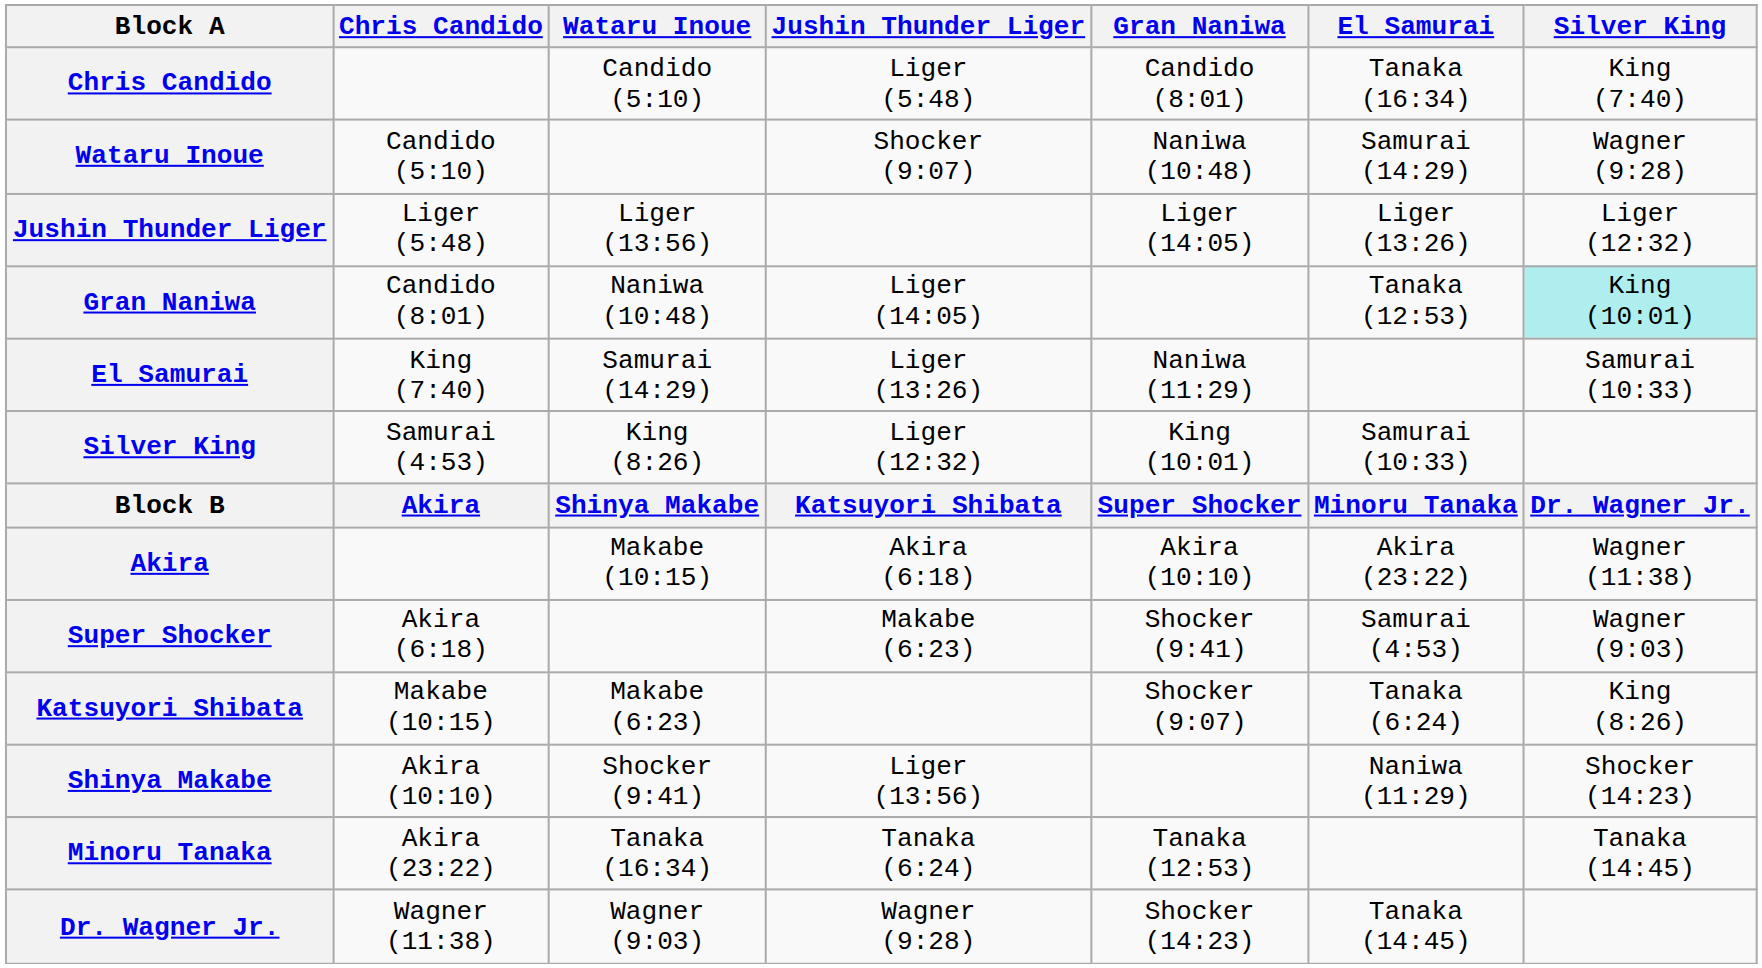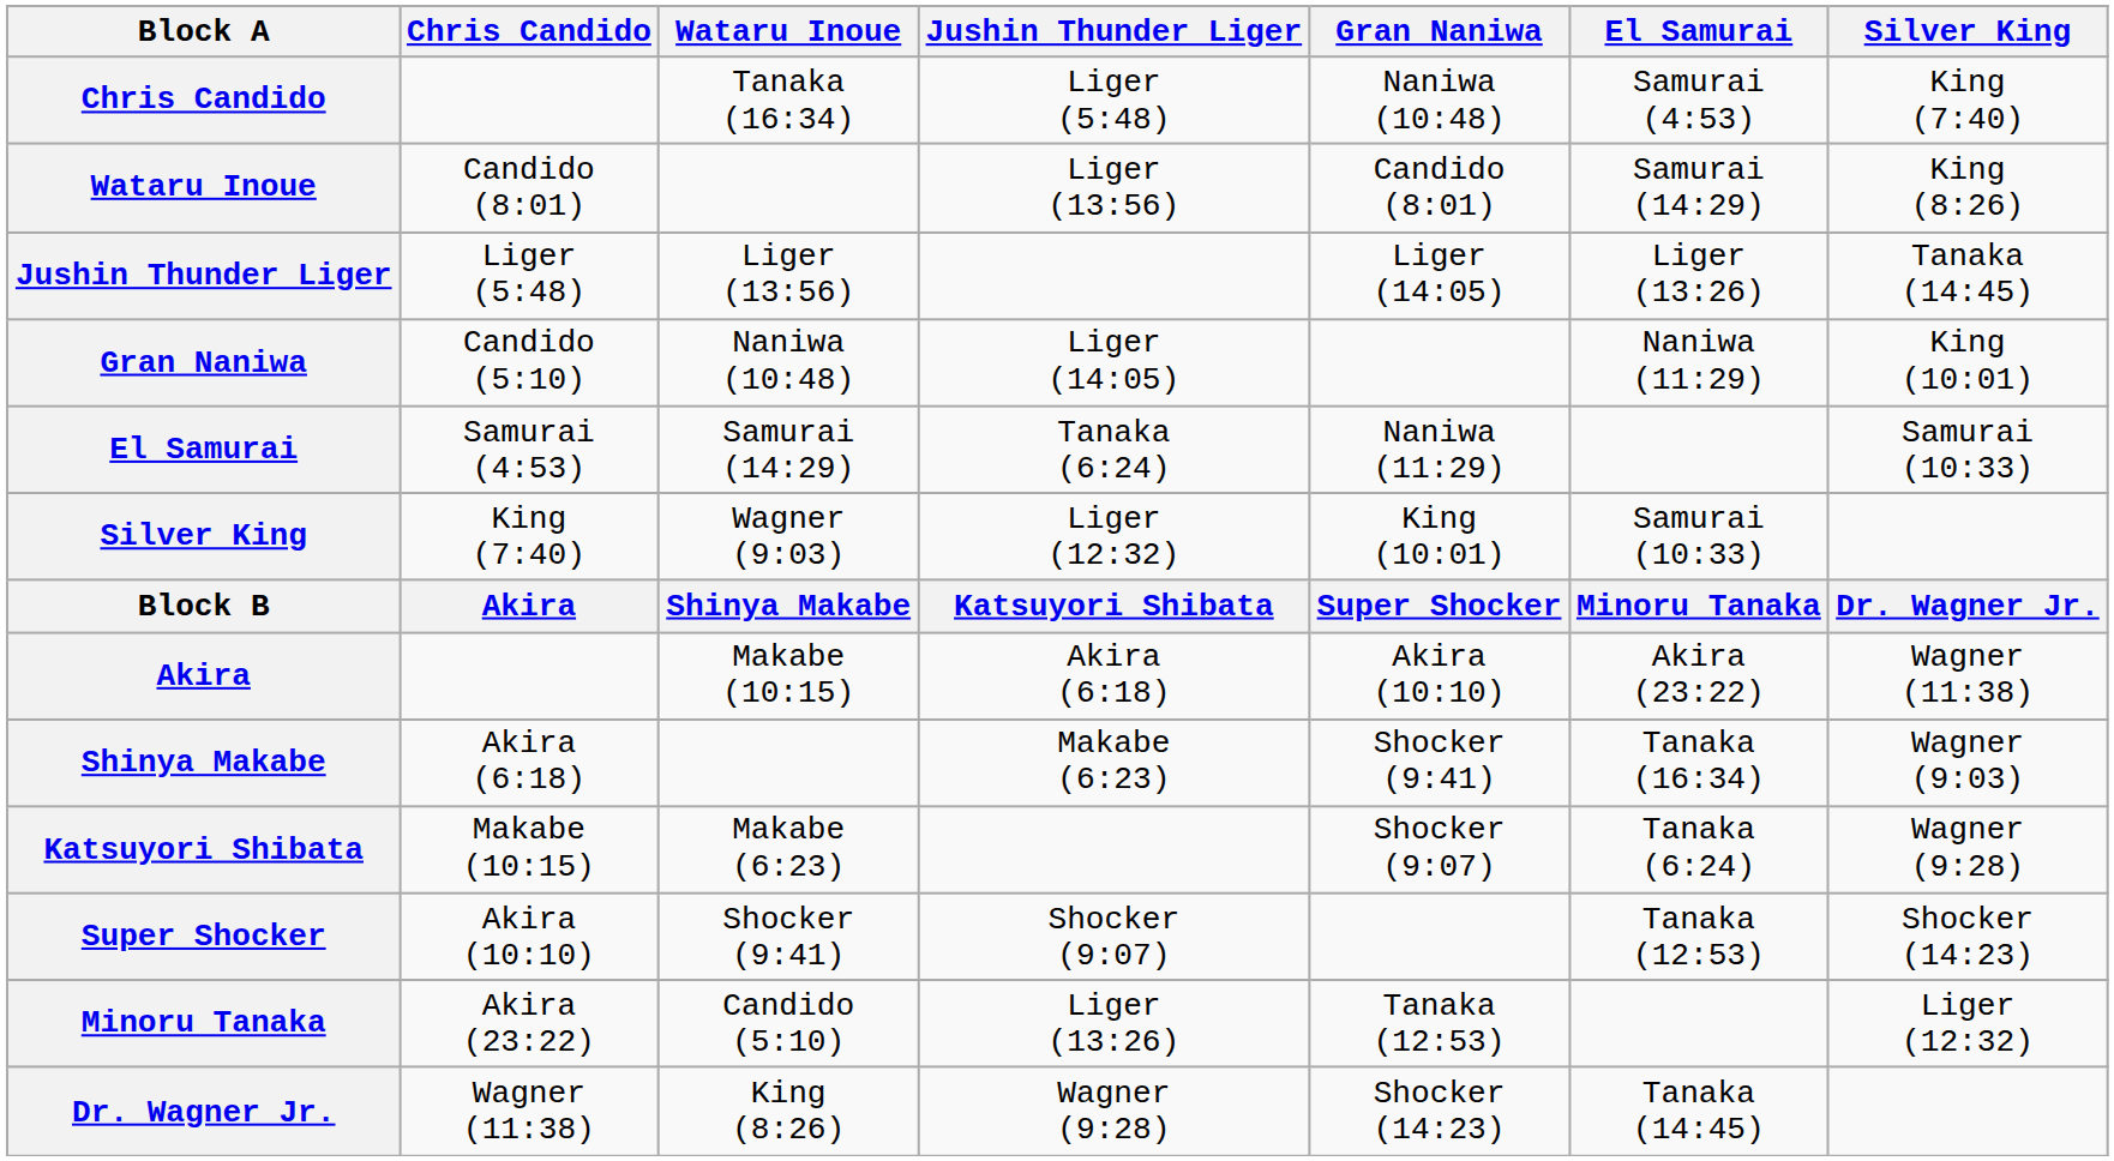 <table class="wikitable" style="margin: 1em auto 1em auto">
 <tr align="center">
 <th>Block A</th>
 <th><a href='#'>Chris Candido</a></th>
 <th><a href='#'>Wataru Inoue</a></th>
 <th><a href='#'>Jushin Thunder Liger</a></th>
 <th><a href='#'>Gran Naniwa</a></th>
 <th><a href='#'>El Samurai</a></th>
 <th><a href='#'>Silver King</a></th>
 </tr>
 <tr align="center">
 <th><a href='#'>Chris Candido</a></th>
 <td></td>
-<td>Candido<br>(5:10)</td>
+<td>Tanaka<br>(16:34)</td>
 <td>Liger<br>(5:48)</td>
-<td>Candido<br>(8:01)</td>
-<td>Tanaka<br>(16:34)</td>
+<td>Naniwa<br>(10:48)</td>
+<td>Samurai<br>(4:53)</td>
 <td>King<br>(7:40)</td>
 </tr>
 <tr align="center">
 <th><a href='#'>Wataru Inoue</a></th>
-<td>Candido<br>(5:10)</td>
+<td>Candido<br>(8:01)</td>
 <td></td>
-<td>Shocker<br>(9:07)</td>
-<td>Naniwa<br>(10:48)</td>
+<td>Liger<br>(13:56)</td>
+<td>Candido<br>(8:01)</td>
 <td>Samurai<br>(14:29)</td>
-<td>Wagner<br>(9:28)</td>
+<td>King<br>(8:26)</td>
 </tr>
 <tr align="center">
 <th><a href='#'>Jushin Thunder Liger</a></th>
 <td>Liger<br>(5:48)</td>
 <td>Liger<br>(13:56)</td>
 <td></td>
 <td>Liger<br>(14:05)</td>
 <td>Liger<br>(13:26)</td>
-<td>Liger<br>(12:32)</td>
+<td>Tanaka<br>(14:45)</td>
 </tr>
 <tr align="center">
 <th><a href='#'>Gran Naniwa</a></th>
-<td>Candido<br>(8:01)</td>
+<td>Candido<br>(5:10)</td>
 <td>Naniwa<br>(10:48)</td>
 <td>Liger<br>(14:05)</td>
 <td></td>
-<td>Tanaka<br>(12:53)</td>
-<td style="background: paleturquoise;">King<br>(10:01)</td>
+<td>Naniwa<br>(11:29)</td>
+<td>King<br>(10:01)</td>
 </tr>
 <tr align="center">
 <th><a href='#'>El Samurai</a></th>
-<td>King<br>(7:40)</td>
+<td>Samurai<br>(4:53)</td>
 <td>Samurai<br>(14:29)</td>
-<td>Liger<br>(13:26)</td>
+<td>Tanaka<br>(6:24)</td>
 <td>Naniwa<br>(11:29)</td>
 <td></td>
 <td>Samurai<br>(10:33)</td>
 </tr>
 <tr align="center">
 <th><a href='#'>Silver King</a></th>
-<td>Samurai<br>(4:53)</td>
-<td>King<br>(8:26)</td>
+<td>King<br>(7:40)</td>
+<td>Wagner<br>(9:03)</td>
 <td>Liger<br>(12:32)</td>
 <td>King<br>(10:01)</td>
 <td>Samurai<br>(10:33)</td>
 <td></td>
 </tr>
 <tr align="center">
 <th>Block B</th>
 <th><a href='#'>Akira</a></th>
 <th><a href='#'>Shinya Makabe</a></th>
 <th><a href='#'>Katsuyori Shibata</a></th>
 <th><a href='#'>Super Shocker</a></th>
 <th><a href='#'>Minoru Tanaka</a></th>
 <th><a href='#'>Dr. Wagner Jr.</a></th>
 </tr>
 <tr align="center">
 <th><a href='#'>Akira</a></th>
 <td></td>
 <td>Makabe<br>(10:15)</td>
 <td>Akira<br>(6:18)</td>
 <td>Akira<br>(10:10)</td>
 <td>Akira<br>(23:22)</td>
 <td>Wagner<br>(11:38)</td>
 </tr>
 <tr align="center">
-<th><a href='#'>Super Shocker</a></th>
+<th><a href='#'>Shinya Makabe</a></th>
 <td>Akira<br>(6:18)</td>
 <td></td>
 <td>Makabe<br>(6:23)</td>
 <td>Shocker<br>(9:41)</td>
-<td>Samurai<br>(4:53)</td>
+<td>Tanaka<br>(16:34)</td>
 <td>Wagner<br>(9:03)</td>
 </tr>
 <tr align="center">
 <th><a href='#'>Katsuyori Shibata</a></th>
 <td>Makabe<br>(10:15)</td>
 <td>Makabe<br>(6:23)</td>
 <td></td>
 <td>Shocker<br>(9:07)</td>
 <td>Tanaka<br>(6:24)</td>
-<td>King<br>(8:26)</td>
+<td>Wagner<br>(9:28)</td>
 </tr>
 <tr align="center">
-<th><a href='#'>Shinya Makabe</a></th>
+<th><a href='#'>Super Shocker</a></th>
 <td>Akira<br>(10:10)</td>
 <td>Shocker<br>(9:41)</td>
-<td>Liger<br>(13:56)</td>
+<td>Shocker<br>(9:07)</td>
 <td></td>
-<td>Naniwa<br>(11:29)</td>
+<td>Tanaka<br>(12:53)</td>
 <td>Shocker<br>(14:23)</td>
 </tr>
 <tr align="center">
 <th><a href='#'>Minoru Tanaka</a></th>
 <td>Akira<br>(23:22)</td>
-<td>Tanaka<br>(16:34)</td>
-<td>Tanaka<br>(6:24)</td>
+<td>Candido<br>(5:10)</td>
+<td>Liger<br>(13:26)</td>
 <td>Tanaka<br>(12:53)</td>
 <td></td>
-<td>Tanaka<br>(14:45)</td>
+<td>Liger<br>(12:32)</td>
 </tr>
 <tr align="center">
 <th><a href='#'>Dr. Wagner Jr.</a></th>
 <td>Wagner<br>(11:38)</td>
-<td>Wagner<br>(9:03)</td>
+<td>King<br>(8:26)</td>
 <td>Wagner<br>(9:28)</td>
 <td>Shocker<br>(14:23)</td>
 <td>Tanaka<br>(14:45)</td>
 <td></td>
 </tr>
 </table>
